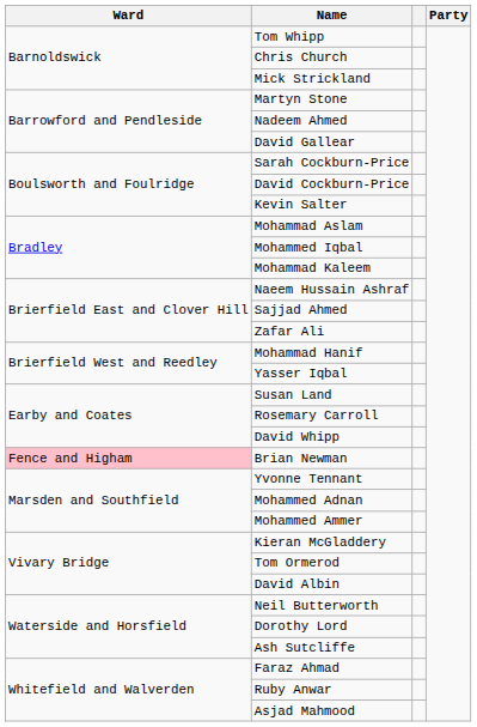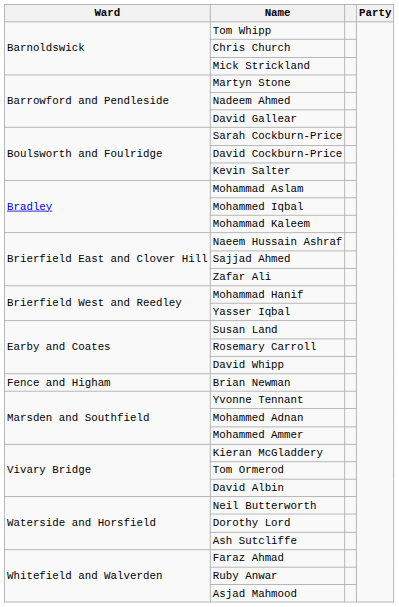 <table class="wikitable sortable">
 <tr>
 <th>Ward</th>
 <th>Name</th>
 <th class="unsortable"> </th>
 <th>Party</th>
 </tr>
 <tr>
 <td rowspan="3">Barnoldswick</td>
 <td>Tom Whipp</td>
 <td></td>
 </tr>
 <tr>
 <td>Chris Church</td>
 <td></td>
 </tr>
 <tr>
 <td>Mick Strickland</td>
 <td></td>
 </tr>
 <tr>
 <td rowspan="3">Barrowford and Pendleside</td>
 <td>Martyn Stone</td>
 <td></td>
 </tr>
 <tr>
 <td>Nadeem Ahmed</td>
 <td></td>
 </tr>
 <tr>
 <td>David Gallear</td>
 <td></td>
 </tr>
 <tr>
 <td rowspan="3">Boulsworth and Foulridge</td>
 <td>Sarah Cockburn-Price</td>
 <td></td>
 </tr>
 <tr>
 <td>David Cockburn-Price</td>
 <td></td>
 </tr>
 <tr>
 <td>Kevin Salter</td>
 <td></td>
 </tr>
 <tr>
 <td rowspan="3"><a href='#'>Bradley</a></td>
 <td>Mohammad Aslam</td>
 <td></td>
 </tr>
 <tr>
 <td>Mohammed Iqbal</td>
 <td></td>
 </tr>
 <tr>
 <td>Mohammad Kaleem</td>
 <td></td>
 </tr>
 <tr>
 <td rowspan="3">Brierfield East and Clover Hill</td>
 <td>Naeem Hussain Ashraf</td>
 <td></td>
 </tr>
 <tr>
 <td>Sajjad Ahmed</td>
 <td></td>
 </tr>
 <tr>
 <td>Zafar Ali</td>
 <td></td>
 </tr>
 <tr>
 <td rowspan="2">Brierfield West and Reedley</td>
 <td>Mohammad Hanif</td>
 <td></td>
 </tr>
 <tr>
 <td>Yasser Iqbal</td>
 <td></td>
 </tr>
 <tr>
 <td rowspan="3">Earby and Coates</td>
 <td>Susan Land</td>
 <td></td>
 </tr>
 <tr>
 <td>Rosemary Carroll</td>
 <td></td>
 </tr>
 <tr>
 <td>David Whipp</td>
 <td></td>
 </tr>
 <tr>
-<td style="background: pink;">Fence and Higham</td>
+<td>Fence and Higham</td>
 <td>Brian Newman</td>
 <td></td>
 </tr>
 <tr>
 <td rowspan="3">Marsden and Southfield</td>
 <td>Yvonne Tennant</td>
 <td></td>
 </tr>
 <tr>
 <td>Mohammed Adnan</td>
 <td></td>
 </tr>
 <tr>
 <td>Mohammed Ammer</td>
 <td></td>
 </tr>
 <tr>
 <td rowspan="3">Vivary Bridge</td>
 <td>Kieran McGladdery</td>
 <td></td>
 </tr>
 <tr>
 <td>Tom Ormerod</td>
 <td></td>
 </tr>
 <tr>
 <td>David Albin</td>
 <td></td>
 </tr>
 <tr>
 <td rowspan="3">Waterside and Horsfield</td>
 <td>Neil Butterworth</td>
 <td></td>
 </tr>
 <tr>
 <td>Dorothy Lord</td>
 <td></td>
 </tr>
 <tr>
 <td>Ash Sutcliffe</td>
 <td></td>
 </tr>
 <tr>
 <td rowspan="3">Whitefield and Walverden</td>
 <td>Faraz Ahmad</td>
 <td></td>
 </tr>
 <tr>
 <td>Ruby Anwar</td>
 <td></td>
 </tr>
 <tr>
 <td>Asjad Mahmood</td>
 <td></td>
 </tr>
 </table>
